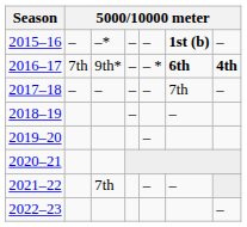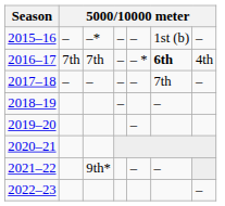 <table class="wikitable" style="display: inline-table;">
 <tr>
 <th>Season</th>
 <th colspan="6">5000/10000 meter</th>
 </tr>
 <tr>
 <td><a href='#'>2015–16</a></td>
 <td>–</td>
 <td>–*</td>
 <td>–</td>
 <td>–</td>
-<td><strong>1st (b)</strong></td>
+<td>1st (b)</td>
 <td>–</td>
 </tr>
 <tr>
 <td><a href='#'>2016–17</a></td>
 <td>7th</td>
-<td>9th*</td>
+<td>7th</td>
 <td>–</td>
 <td>– *</td>
 <td><strong>6th</strong></td>
-<td><strong>4th</strong></td>
+<td>4th</td>
 </tr>
 <tr>
 <td><a href='#'>2017–18</a></td>
 <td>–</td>
 <td>–</td>
 <td>–</td>
 <td>–</td>
 <td>7th</td>
 <td>–</td>
 </tr>
 <tr>
 <td><a href='#'>2018–19</a></td>
 <td></td>
 <td></td>
 <td>–</td>
 <td></td>
 <td>–</td>
 <td></td>
 </tr>
 <tr>
 <td><a href='#'>2019–20</a></td>
 <td></td>
 <td></td>
 <td></td>
 <td>–</td>
 <td></td>
 <td></td>
 </tr>
 <tr>
 <td><a href='#'>2020–21</a></td>
 <td></td>
 <td></td>
 <td colspan="4" bgcolor=#EEEEEE></td>
 </tr>
 <tr>
 <td><a href='#'>2021–22</a></td>
 <td></td>
-<td>7th</td>
+<td>9th*</td>
 <td></td>
 <td>–</td>
 <td>–</td>
 <td colspan="1" bgcolor=#EEEEEE></td>
 </tr>
 <tr>
 <td><a href='#'>2022–23</a></td>
 <td></td>
 <td></td>
 <td></td>
 <td></td>
 <td></td>
 <td>–</td>
 </tr>
 </table>
